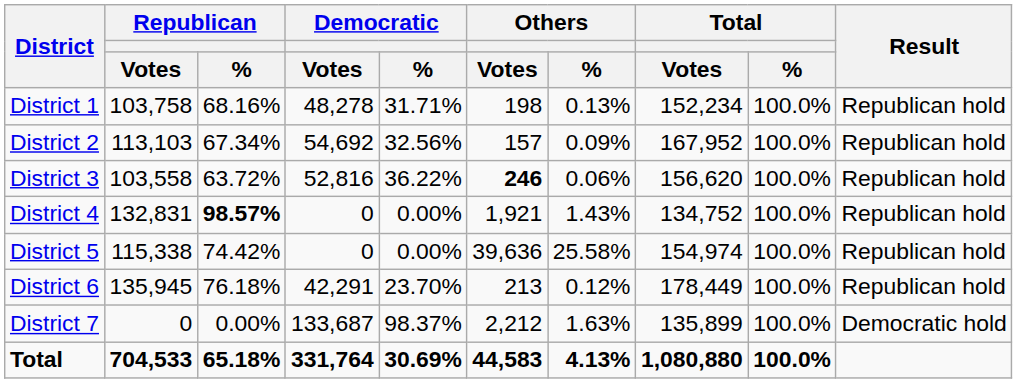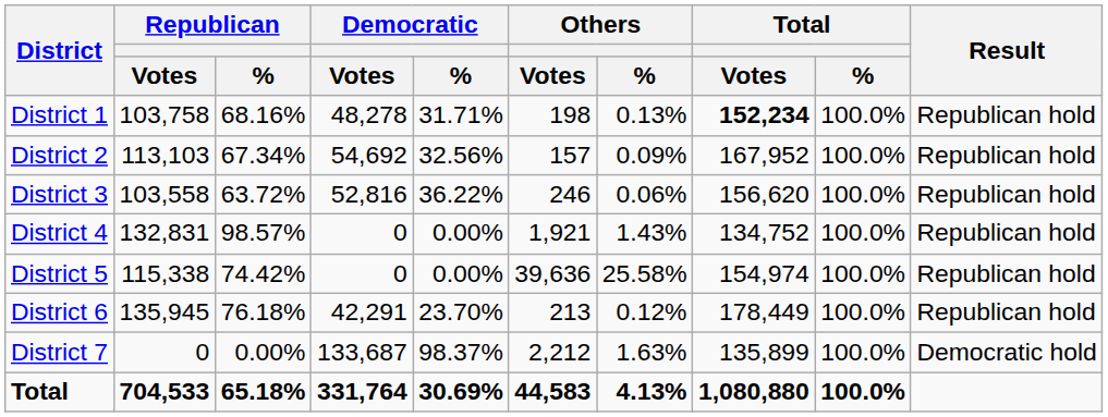 <table class="wikitable plainrowheaders sortable" style="font-size:100%; text-align:right;">
 <tr>
 <th scope=col rowspan=3><a href='#'>District</a></th>
 <th scope=col colspan=2><a href='#'>Republican</a></th>
 <th scope=col colspan=2><a href='#'>Democratic</a></th>
 <th scope=col colspan=2>Others</th>
 <th scope=col colspan=2>Total</th>
 <th scope=col rowspan=3>Result</th>
 </tr>
 <tr>
 <th scope=col colspan=2 style="background:"></th>
 <th scope=col colspan=2 style="background:"></th>
 <th scope=col colspan=2></th>
 <th scope=col colspan=2></th>
 </tr>
 <tr>
 <th scope=col data-sort-type="number">Votes</th>
 <th scope=col data-sort-type="number">%</th>
 <th scope=col data-sort-type="number">Votes</th>
 <th scope=col data-sort-type="number">%</th>
 <th scope=col data-sort-type="number">Votes</th>
 <th scope=col data-sort-type="number">%</th>
 <th scope=col data-sort-type="number">Votes</th>
 <th scope=col data-sort-type="number">%</th>
 </tr>
 <tr>
 <td align=left><a href='#'>District 1</a></td>
 <td>103,758</td>
 <td>68.16%</td>
 <td>48,278</td>
 <td>31.71%</td>
 <td>198</td>
 <td>0.13%</td>
-<td>152,234</td>
+<td><strong>152,234</strong></td>
 <td>100.0%</td>
 <td align=left>Republican hold</td>
 </tr>
 <tr>
 <td align=left><a href='#'>District 2</a></td>
 <td>113,103</td>
 <td>67.34%</td>
 <td>54,692</td>
 <td>32.56%</td>
 <td>157</td>
 <td>0.09%</td>
 <td>167,952</td>
 <td>100.0%</td>
 <td align=left>Republican hold</td>
 </tr>
 <tr>
 <td align=left><a href='#'>District 3</a></td>
 <td>103,558</td>
 <td>63.72%</td>
 <td>52,816</td>
 <td>36.22%</td>
-<td><strong>246</strong></td>
+<td>246</td>
 <td>0.06%</td>
 <td>156,620</td>
 <td>100.0%</td>
 <td align=left>Republican hold</td>
 </tr>
 <tr>
 <td align=left><a href='#'>District 4</a></td>
 <td>132,831</td>
-<td><strong>98.57%</strong></td>
+<td>98.57%</td>
 <td>0</td>
 <td>0.00%</td>
 <td>1,921</td>
 <td>1.43%</td>
 <td>134,752</td>
 <td>100.0%</td>
 <td align=left>Republican hold</td>
 </tr>
 <tr>
 <td align=left><a href='#'>District 5</a></td>
 <td>115,338</td>
 <td>74.42%</td>
 <td>0</td>
 <td>0.00%</td>
 <td>39,636</td>
 <td>25.58%</td>
 <td>154,974</td>
 <td>100.0%</td>
 <td align=left>Republican hold</td>
 </tr>
 <tr>
 <td align=left><a href='#'>District 6</a></td>
 <td>135,945</td>
 <td>76.18%</td>
 <td>42,291</td>
 <td>23.70%</td>
 <td>213</td>
 <td>0.12%</td>
 <td>178,449</td>
 <td>100.0%</td>
 <td align=left>Republican hold</td>
 </tr>
 <tr>
 <td align=left><a href='#'>District 7</a></td>
 <td>0</td>
 <td>0.00%</td>
 <td>133,687</td>
 <td>98.37%</td>
 <td>2,212</td>
 <td>1.63%</td>
 <td>135,899</td>
 <td>100.0%</td>
 <td align=left>Democratic hold</td>
 </tr>
 <tr class="sortbottom" style="font-weight:bold">
 <td align=left>Total</td>
 <td>704,533</td>
 <td>65.18%</td>
 <td>331,764</td>
 <td>30.69%</td>
 <td>44,583</td>
 <td>4.13%</td>
 <td>1,080,880</td>
 <td>100.0%</td>
 <td></td>
 </tr>
 </table>
